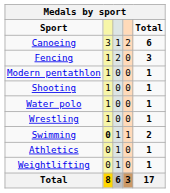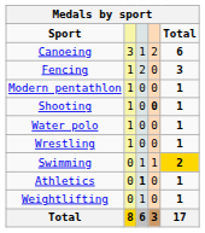 <table class=wikitable style="font-size:85%; float:right">
 <tr bgcolor=efefef>
 <th colspan=7>Medals by sport</th>
 </tr>
 <tr align=center>
 <td><strong>Sport</strong></td>
 <td bgcolor=f7f6a8></td>
 <td bgcolor=dce5e5></td>
 <td bgcolor=ffdab9></td>
 <td><strong>Total</strong></td>
 </tr>
 <tr align=center>
 <td><a href='#'>Canoeing</a></td>
 <td style="background:#F7F6A8;">3</td>
 <td style="background:#DCE5E5;">1</td>
 <td style="background:#FFDAB9;">2</td>
 <td><strong>6</strong></td>
 </tr>
 <tr align=center>
 <td><a href='#'>Fencing</a></td>
 <td style="background:#F7F6A8;">1</td>
 <td style="background:#DCE5E5;">2</td>
 <td style="background:#FFDAB9;">0</td>
 <td><strong>3</strong></td>
 </tr>
 <tr align=center>
 <td><a href='#'>Modern pentathlon</a></td>
 <td style="background:#F7F6A8;">1</td>
 <td style="background:#DCE5E5;">0</td>
 <td style="background:#FFDAB9;">0</td>
 <td><strong>1</strong></td>
 </tr>
 <tr align=center>
 <td><a href='#'>Shooting</a></td>
 <td style="background:#F7F6A8;">1</td>
 <td style="background:#DCE5E5;">0</td>
-<td style="background:#FFDAB9;">0</td>
+<td style="background:#FFDAB9;"><strong>0</strong></td>
 <td><strong>1</strong></td>
 </tr>
 <tr align=center>
 <td><a href='#'>Water polo</a></td>
 <td style="background:#F7F6A8;">1</td>
 <td style="background:#DCE5E5;">0</td>
 <td style="background:#FFDAB9;">0</td>
 <td><strong>1</strong></td>
 </tr>
 <tr align=center>
 <td><a href='#'>Wrestling</a></td>
 <td style="background:#F7F6A8;">1</td>
 <td style="background:#DCE5E5;">0</td>
 <td style="background:#FFDAB9;">0</td>
 <td><strong>1</strong></td>
 </tr>
 <tr align=center>
 <td><a href='#'>Swimming</a></td>
-<td style="background:#F7F6A8;"><strong>0</strong></td>
+<td style="background:#F7F6A8;">0</td>
 <td style="background:#DCE5E5;">1</td>
 <td style="background:#FFDAB9;">1</td>
-<td><strong>2</strong></td>
+<td style="background: gold;"><strong>2</strong></td>
 </tr>
 <tr align=center>
 <td><a href='#'>Athletics</a></td>
 <td style="background:#F7F6A8;">0</td>
-<td style="background:#DCE5E5;">1</td>
+<td style="background:#DCE5E5;"><strong>1</strong></td>
 <td style="background:#FFDAB9;">0</td>
 <td><strong>1</strong></td>
 </tr>
 <tr align=center>
 <td><a href='#'>Weightlifting</a></td>
 <td style="background:#F7F6A8;">0</td>
 <td style="background:#DCE5E5;">1</td>
 <td style="background:#FFDAB9;">0</td>
 <td><strong>1</strong></td>
 </tr>
 <tr align=center>
 <th>Total</th>
 <th style="background:gold;">8</th>
 <th style="background:silver;">6</th>
 <th style="background:#c96;">3</th>
 <th>17</th>
 </tr>
 </table>
